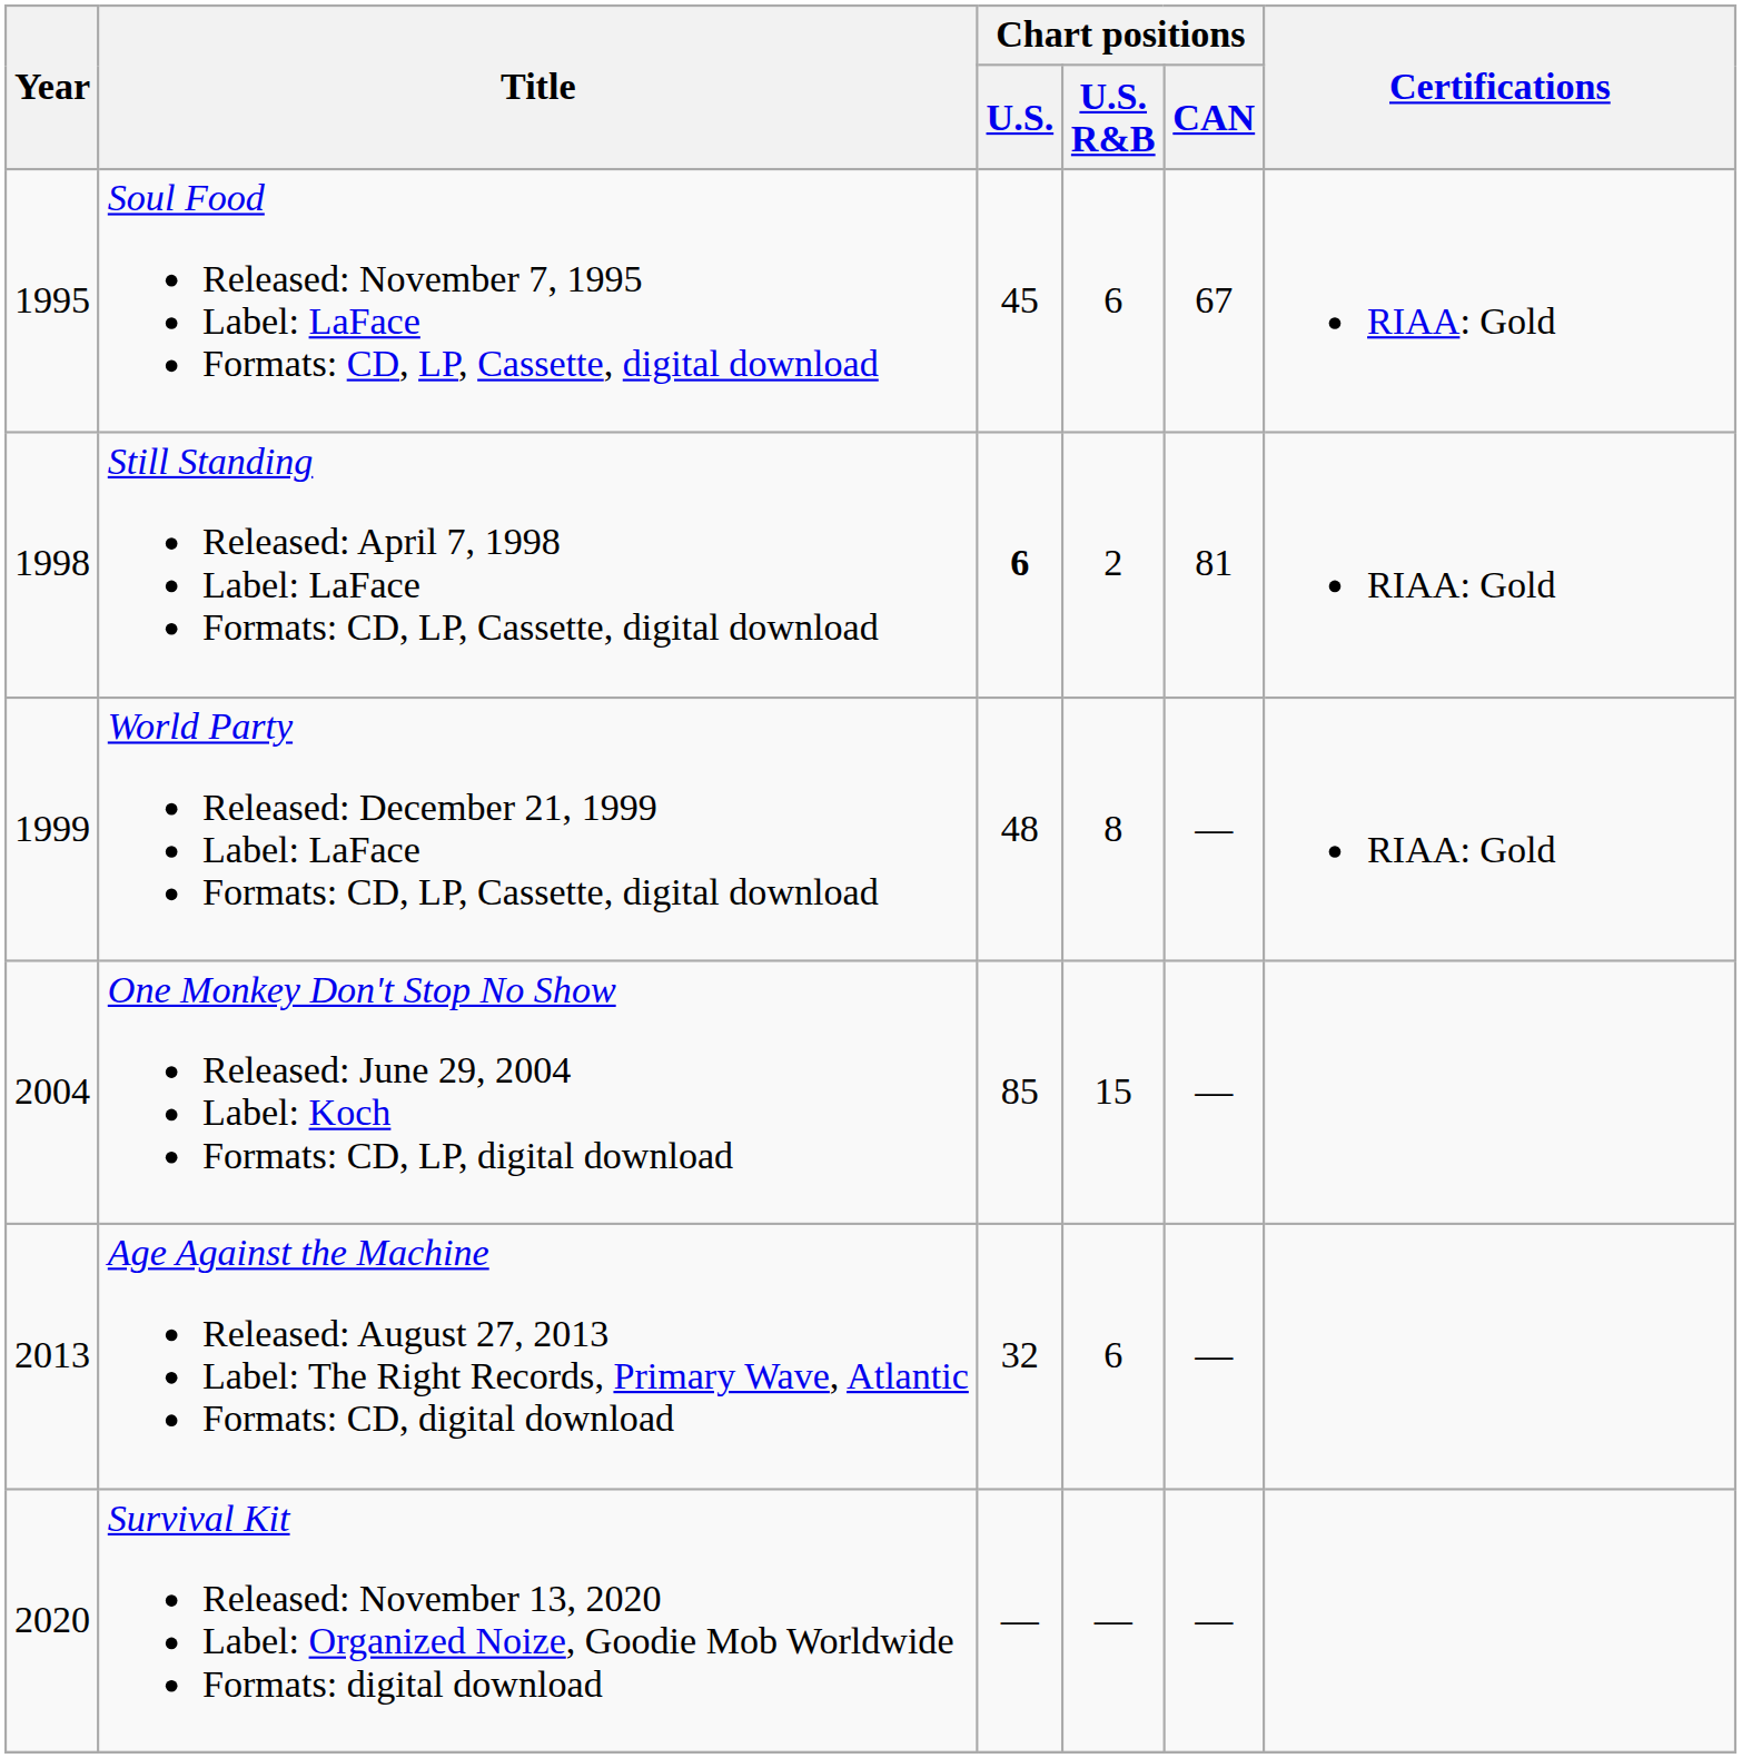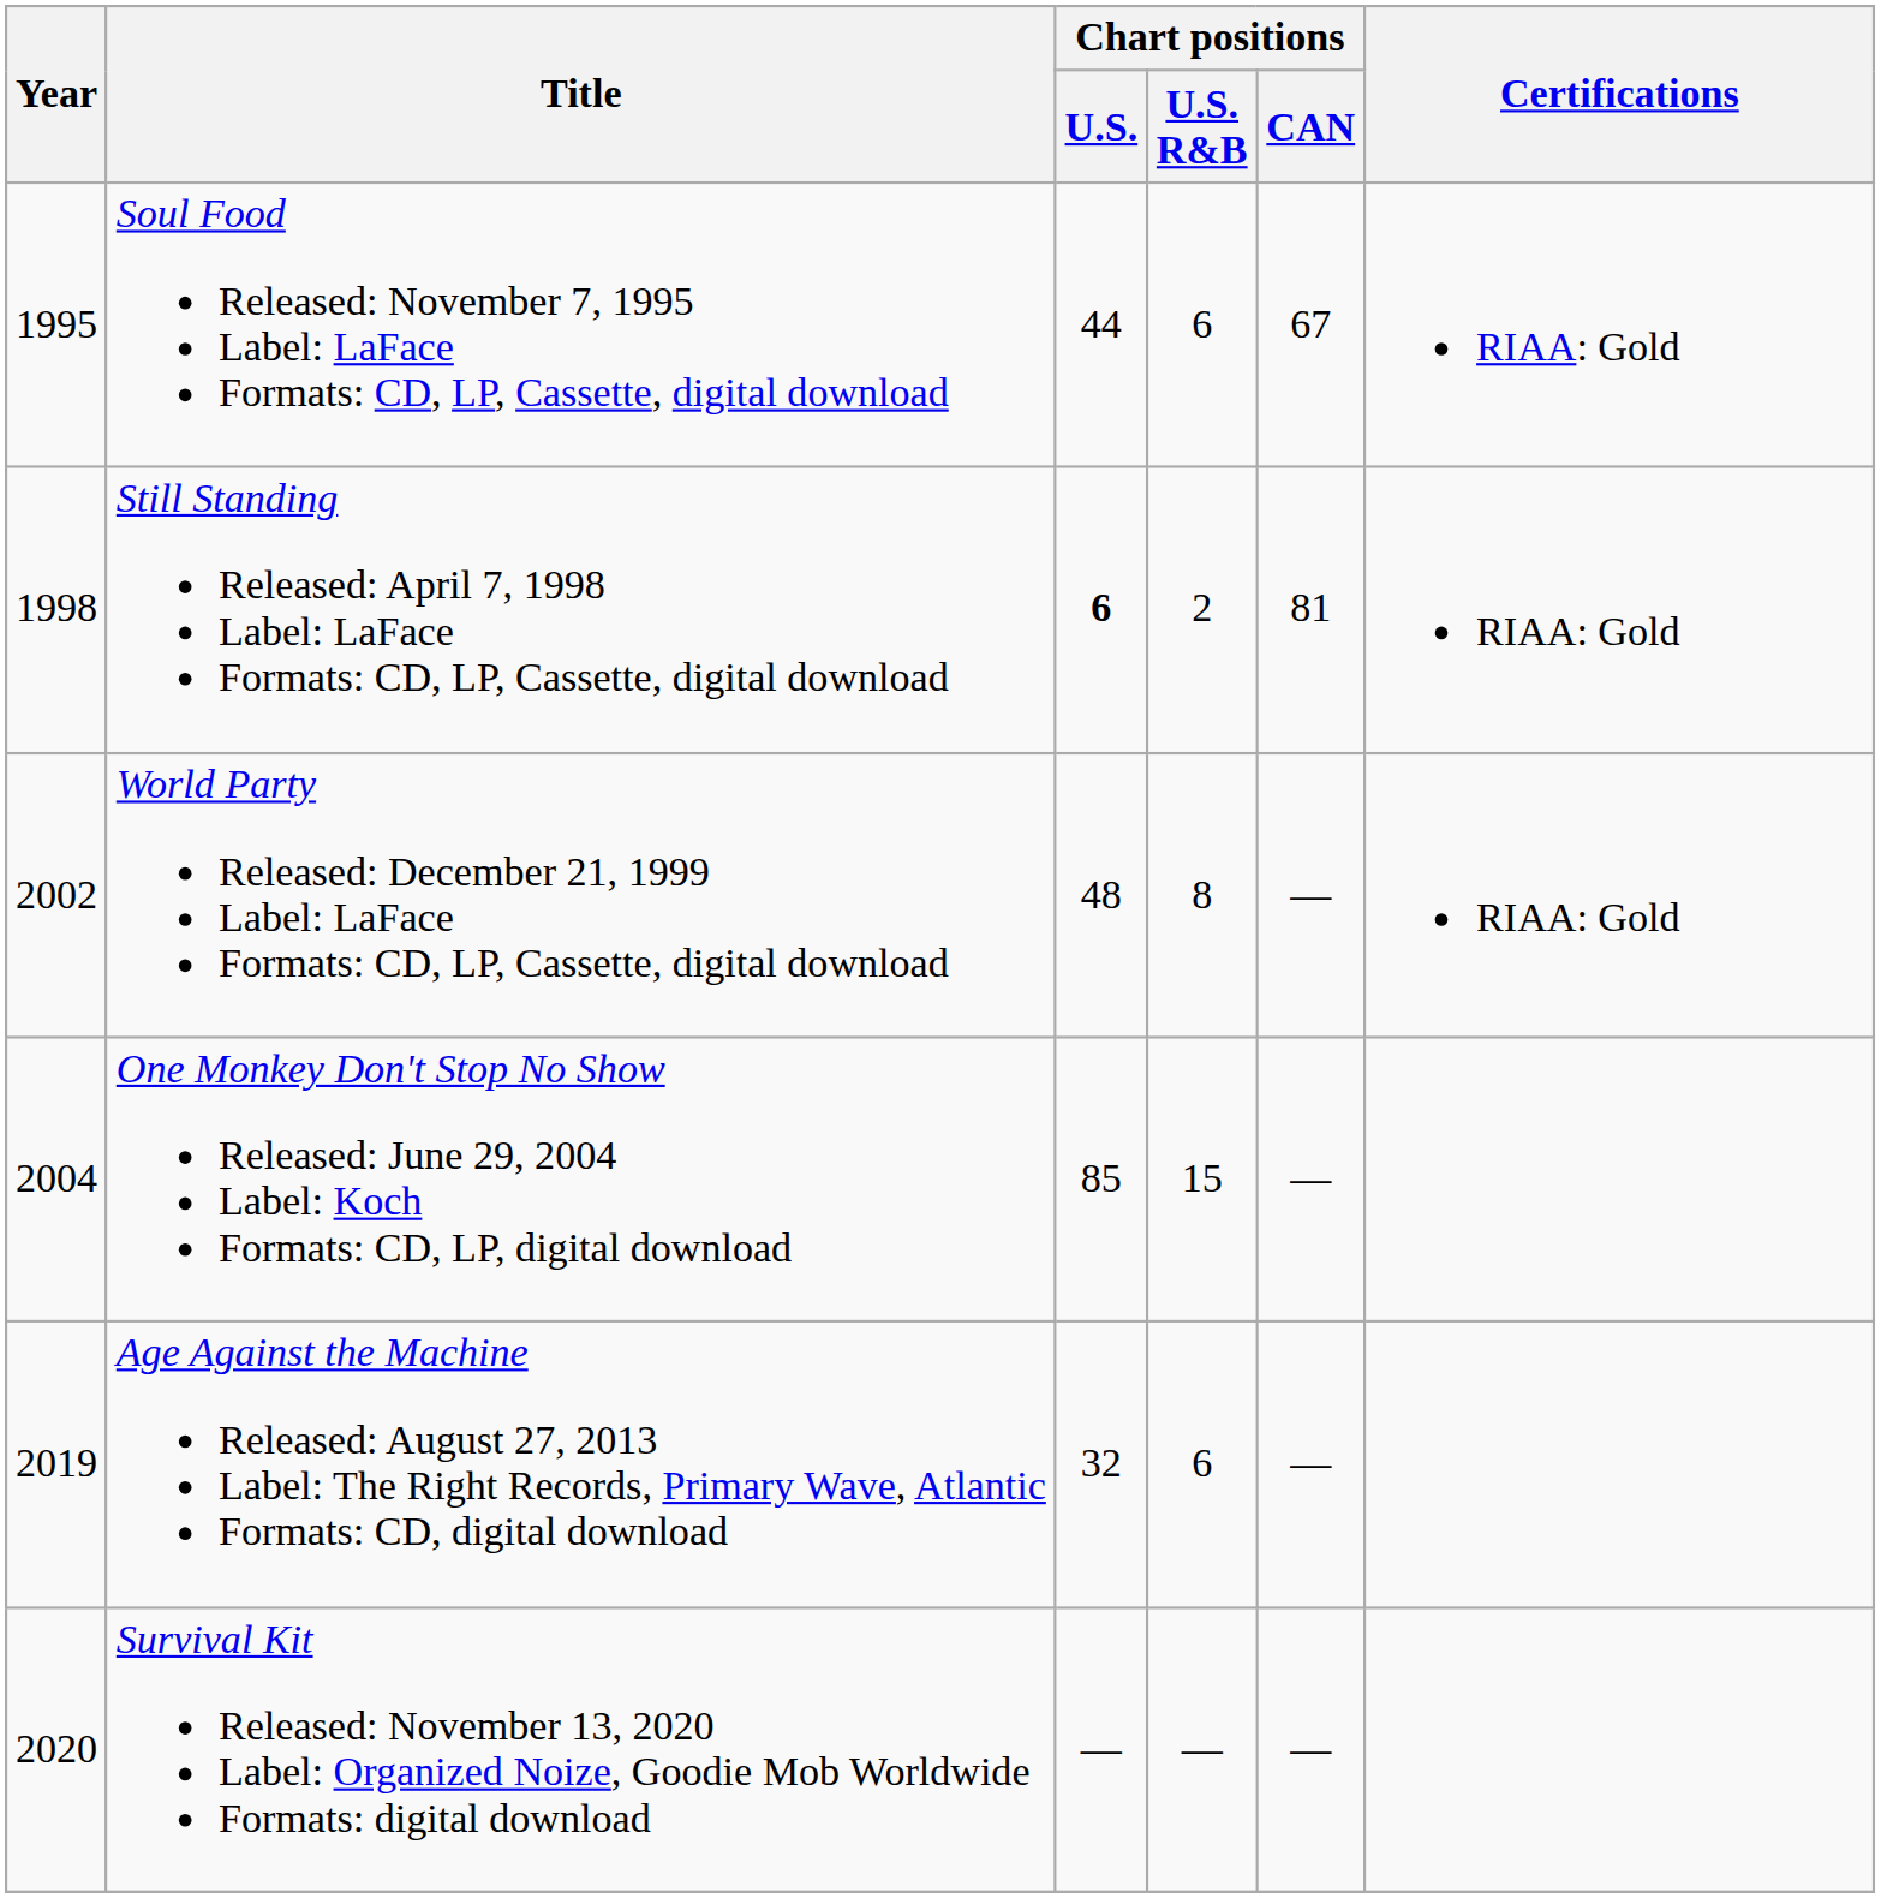 <table class="wikitable">
 <tr>
 <th rowspan="2">Year</th>
 <th rowspan="2">Title</th>
 <th colspan="3">Chart positions</th>
 <th scope="col" rowspan="2" style="width:12em;"><a href='#'>Certifications</a></th>
 </tr>
 <tr>
 <th><a href='#'>U.S.</a><br></th>
 <th><a href='#'>U.S. <br>R&B</a><br></th>
 <th><a href='#'>CAN</a><br></th>
 </tr>
 <tr>
 <td>1995</td>
 <td><em><a href='#'>Soul Food</a></em><br><ul><li>Released: November 7, 1995</li><li>Label: <a href='#'>LaFace</a></li><li>Formats: <a href='#'>CD</a>, <a href='#'>LP</a>, <a href='#'>Cassette</a>, <a href='#'>digital download</a></li></ul></td>
-<td align="center">45</td>
+<td align="center">44</td>
 <td align="center">6</td>
 <td align="center">67</td>
 <td><br><ul><li><a href='#'>RIAA</a>: Gold</li></ul></td>
 </tr>
 <tr>
 <td>1998</td>
 <td><em><a href='#'>Still Standing</a></em><br><ul><li>Released: April 7, 1998</li><li>Label: LaFace</li><li>Formats: CD, LP, Cassette, digital download</li></ul></td>
 <td align="center"><strong>6</strong></td>
 <td align="center">2</td>
 <td align="center">81</td>
 <td><br><ul><li>RIAA: Gold</li></ul></td>
 </tr>
 <tr>
-<td>1999</td>
+<td>2002</td>
 <td><em><a href='#'>World Party</a></em><br><ul><li>Released: December 21, 1999</li><li>Label: LaFace</li><li>Formats: CD, LP, Cassette, digital download</li></ul></td>
 <td align="center">48</td>
 <td align="center">8</td>
 <td align="center">—</td>
 <td><br><ul><li>RIAA: Gold</li></ul></td>
 </tr>
 <tr>
 <td>2004</td>
 <td><em><a href='#'>One Monkey Don't Stop No Show</a></em><br><ul><li>Released: June 29, 2004</li><li>Label: <a href='#'>Koch</a></li><li>Formats: CD, LP, digital download</li></ul></td>
 <td align="center">85</td>
 <td align="center">15</td>
 <td align="center">—</td>
 <td></td>
 </tr>
 <tr>
-<td>2013</td>
+<td>2019</td>
 <td><em><a href='#'>Age Against the Machine</a></em><br><ul><li>Released: August 27, 2013</li><li>Label: The Right Records, <a href='#'>Primary Wave</a>, <a href='#'>Atlantic</a></li><li>Formats: CD, digital download</li></ul></td>
 <td align="center">32</td>
 <td align="center">6</td>
 <td align="center">—</td>
 <td></td>
 </tr>
 <tr>
 <td>2020</td>
 <td><em><a href='#'>Survival Kit</a></em><br><ul><li>Released: November 13, 2020</li><li>Label: <a href='#'>Organized Noize</a>, Goodie Mob Worldwide</li><li>Formats: digital download</li></ul></td>
 <td align="center">—</td>
 <td align="center">—</td>
 <td align="center">—</td>
 <td></td>
 </tr>
 <tr>
 </tr>
 </table>
